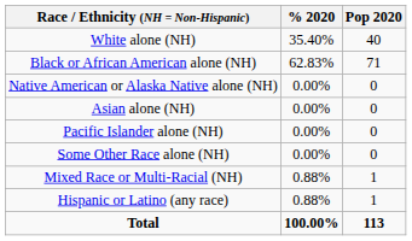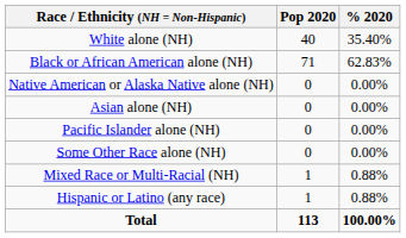 <table class="wikitable" style="text-align:center;">
 <tr>
 <th>Race / Ethnicity <small>(<em>NH = Non-Hispanic</em>)</small></th>
+<th>Pop 2020</th>
 <th>% 2020</th>
-<th>Pop 2020</th>
 </tr>
 <tr>
 <td><a href='#'>White</a> alone (NH)</td>
+<td>40</td>
 <td>35.40%</td>
-<td>40</td>
 </tr>
 <tr>
 <td><a href='#'>Black or African American</a> alone (NH)</td>
+<td>71</td>
 <td>62.83%</td>
-<td>71</td>
 </tr>
 <tr>
 <td><a href='#'>Native American</a> or <a href='#'>Alaska Native</a> alone (NH)</td>
+<td>0</td>
 <td>0.00%</td>
-<td>0</td>
 </tr>
 <tr>
 <td><a href='#'>Asian</a> alone (NH)</td>
+<td>0</td>
 <td>0.00%</td>
-<td>0</td>
 </tr>
 <tr>
 <td><a href='#'>Pacific Islander</a> alone (NH)</td>
+<td>0</td>
 <td>0.00%</td>
-<td>0</td>
 </tr>
 <tr>
 <td><a href='#'>Some Other Race</a> alone (NH)</td>
+<td>0</td>
 <td>0.00%</td>
-<td>0</td>
 </tr>
 <tr>
 <td><a href='#'>Mixed Race or Multi-Racial</a> (NH)</td>
+<td>1</td>
 <td>0.88%</td>
-<td>1</td>
 </tr>
 <tr>
 <td><a href='#'>Hispanic or Latino</a> (any race)</td>
+<td>1</td>
 <td>0.88%</td>
-<td>1</td>
 </tr>
 <tr>
 <td><strong>Total</strong></td>
+<td><strong>113</strong></td>
 <td><strong>100.00%</strong></td>
-<td><strong>113</strong></td>
 </tr>
 </table>
